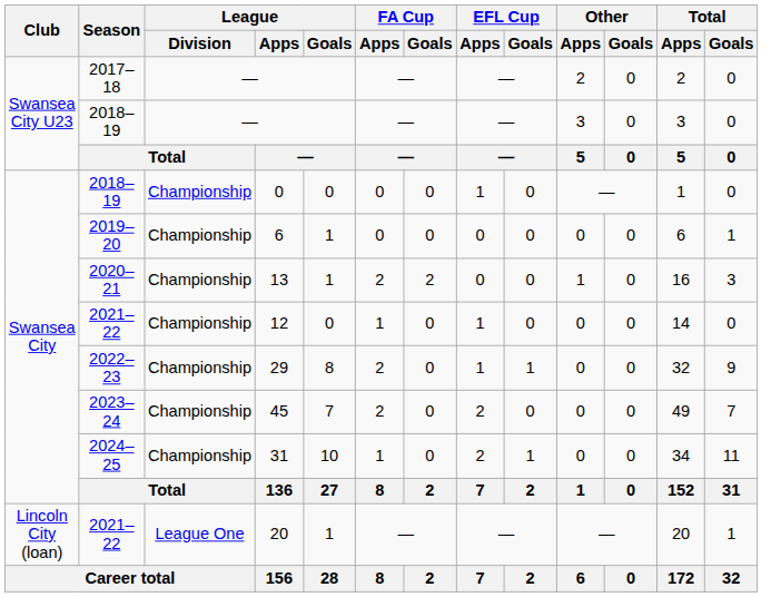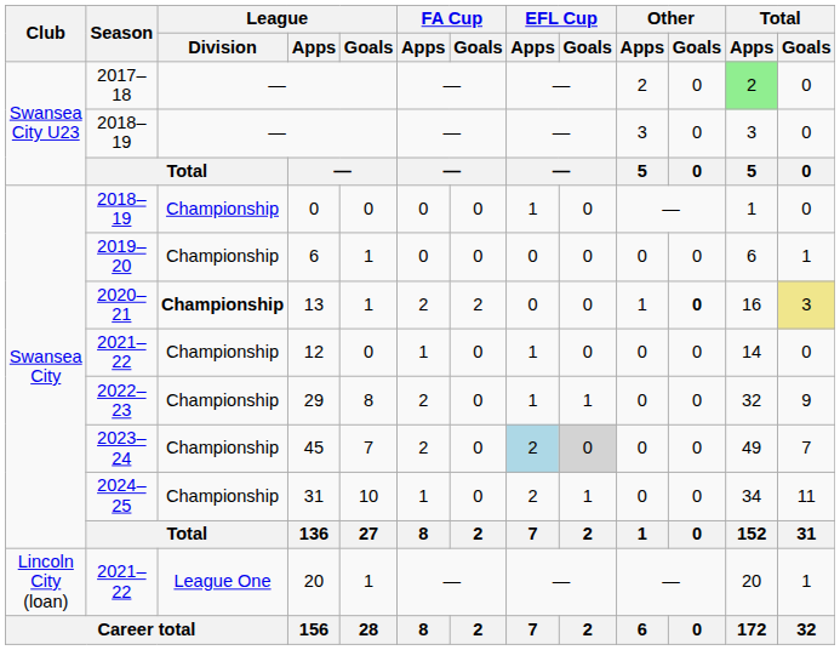 <table class=wikitable style="text-align: center">
 <tr>
 <th rowspan=2>Club</th>
 <th rowspan=2>Season</th>
 <th colspan=3>League</th>
 <th colspan=2><a href='#'>FA Cup</a></th>
 <th colspan=2><a href='#'>EFL Cup</a></th>
 <th colspan=2>Other</th>
 <th colspan=2>Total</th>
 </tr>
 <tr>
 <th>Division</th>
 <th>Apps</th>
 <th>Goals</th>
 <th>Apps</th>
 <th>Goals</th>
 <th>Apps</th>
 <th>Goals</th>
 <th>Apps</th>
 <th>Goals</th>
 <th>Apps</th>
 <th>Goals</th>
 </tr>
 <tr>
 <td rowspan=3><a href='#'>Swansea City U23</a></td>
 <td>2017–18</td>
 <td colspan=3>—</td>
 <td colspan=2>—</td>
 <td colspan=2>—</td>
 <td>2</td>
 <td>0</td>
-<td>2</td>
+<td style="background: lightgreen;">2</td>
 <td>0</td>
 </tr>
 <tr>
 <td>2018–19</td>
 <td colspan=3>—</td>
 <td colspan=2>—</td>
 <td colspan=2>—</td>
 <td>3</td>
 <td>0</td>
 <td>3</td>
 <td>0</td>
 </tr>
 <tr>
 <th colspan=2>Total</th>
 <th colspan=2>—</th>
 <th colspan=2>—</th>
 <th colspan=2>—</th>
 <th>5</th>
 <th>0</th>
 <th>5</th>
 <th>0</th>
 </tr>
 <tr>
 <td rowspan="8"><a href='#'>Swansea City</a></td>
 <td><a href='#'>2018–19</a></td>
 <td><a href='#'>Championship</a></td>
 <td>0</td>
 <td>0</td>
 <td>0</td>
 <td>0</td>
 <td>1</td>
 <td>0</td>
 <td colspan=2>—</td>
 <td>1</td>
 <td>0</td>
 </tr>
 <tr>
 <td><a href='#'>2019–20</a></td>
 <td>Championship</td>
 <td>6</td>
 <td>1</td>
 <td>0</td>
 <td>0</td>
 <td>0</td>
 <td>0</td>
 <td>0</td>
 <td>0</td>
 <td>6</td>
 <td>1</td>
 </tr>
 <tr>
 <td><a href='#'>2020–21</a></td>
-<td>Championship</td>
+<td><strong>Championship</strong></td>
 <td>13</td>
 <td>1</td>
 <td>2</td>
 <td>2</td>
 <td>0</td>
 <td>0</td>
 <td>1</td>
-<td>0</td>
+<td><strong>0</strong></td>
 <td>16</td>
-<td>3</td>
+<td style="background: khaki;">3</td>
 </tr>
 <tr>
 <td><a href='#'>2021–22</a></td>
 <td>Championship</td>
 <td>12</td>
 <td>0</td>
 <td>1</td>
 <td>0</td>
 <td>1</td>
 <td>0</td>
 <td>0</td>
 <td>0</td>
 <td>14</td>
 <td>0</td>
 </tr>
 <tr>
 <td><a href='#'>2022–23</a></td>
 <td>Championship</td>
 <td>29</td>
 <td>8</td>
 <td>2</td>
 <td>0</td>
 <td>1</td>
 <td>1</td>
 <td>0</td>
 <td>0</td>
 <td>32</td>
 <td>9</td>
 </tr>
 <tr>
 <td><a href='#'>2023–24</a></td>
 <td>Championship</td>
 <td>45</td>
 <td>7</td>
 <td>2</td>
 <td>0</td>
-<td>2</td>
-<td>0</td>
+<td style="background: lightblue;">2</td>
+<td style="background: lightgrey;">0</td>
 <td>0</td>
 <td>0</td>
 <td>49</td>
 <td>7</td>
 </tr>
 <tr>
 <td><a href='#'>2024–25</a></td>
 <td>Championship</td>
 <td>31</td>
 <td>10</td>
 <td>1</td>
 <td>0</td>
 <td>2</td>
 <td>1</td>
 <td>0</td>
 <td>0</td>
 <td>34</td>
 <td>11</td>
 </tr>
 <tr>
 <th colspan="2">Total</th>
 <th>136</th>
 <th>27</th>
 <th>8</th>
 <th>2</th>
 <th>7</th>
 <th>2</th>
 <th>1</th>
 <th>0</th>
 <th>152</th>
 <th>31</th>
 </tr>
 <tr>
 <td><a href='#'>Lincoln City</a> (loan)</td>
 <td><a href='#'>2021–22</a></td>
 <td><a href='#'>League One</a></td>
 <td>20</td>
 <td>1</td>
 <td colspan=2>—</td>
 <td colspan=2>—</td>
 <td colspan=2>—</td>
 <td>20</td>
 <td>1</td>
 </tr>
 <tr>
 <th colspan=3>Career total</th>
 <th>156</th>
 <th>28</th>
 <th>8</th>
 <th>2</th>
 <th>7</th>
 <th>2</th>
 <th>6</th>
 <th>0</th>
 <th>172</th>
 <th>32</th>
 </tr>
 </table>
